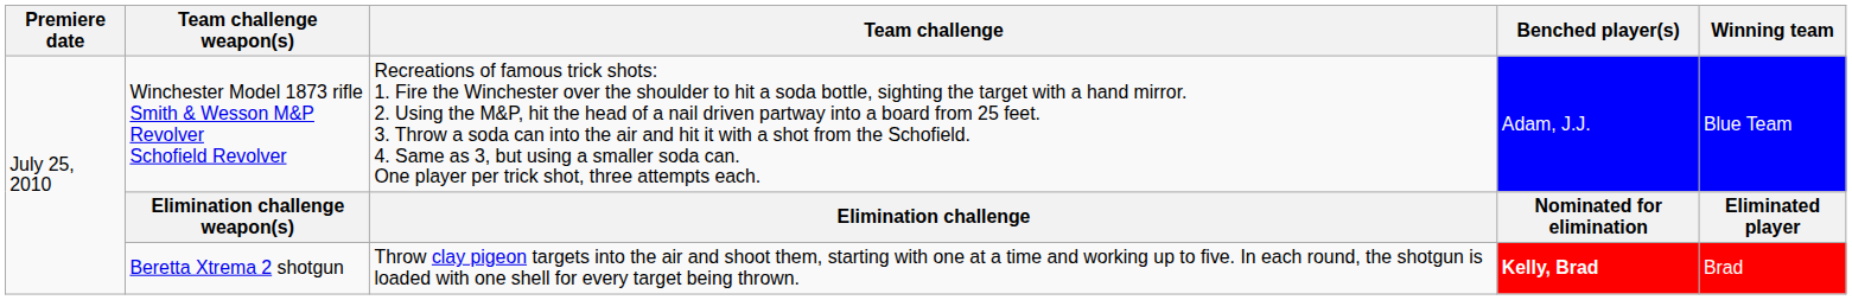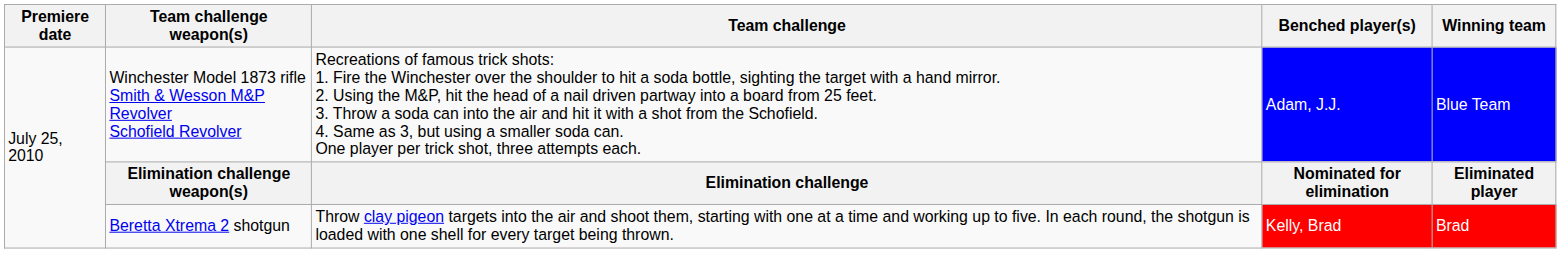 <table class="wikitable">
 <tr>
 <th>Premiere date</th>
 <th>Team challenge weapon(s)</th>
 <th>Team challenge</th>
 <th>Benched player(s)</th>
 <th>Winning team</th>
 </tr>
 <tr>
 <td rowspan="3">July 25, 2010</td>
 <td>Winchester Model 1873 rifle<br><a href='#'>Smith & Wesson M&P Revolver</a><br><a href='#'>Schofield Revolver</a></td>
 <td>Recreations of famous trick shots:<br>1. Fire the Winchester over the shoulder to hit a soda bottle, sighting the target with a hand mirror.<br>2. Using the M&P, hit the head of a nail driven partway into a board from 25 feet.<br>3. Throw a soda can into the air and hit it with a shot from the Schofield.<br>4. Same as 3, but using a smaller soda can.<br>One player per trick shot, three attempts each.</td>
 <td style="background:blue; color:white;">Adam, J.J.</td>
 <td style="background:blue; color:white;">Blue Team</td>
 </tr>
 <tr>
 <th>Elimination challenge weapon(s)</th>
 <th>Elimination challenge</th>
 <th>Nominated for elimination</th>
 <th>Eliminated player</th>
 </tr>
 <tr>
 <td><a href='#'>Beretta Xtrema 2</a> shotgun</td>
 <td>Throw <a href='#'>clay pigeon</a> targets into the air and shoot them, starting with one at a time and working up to five. In each round, the shotgun is loaded with one shell for every target being thrown.</td>
-<td style="background:red; color:white;"><strong>Kelly, Brad</strong></td>
+<td style="background:red; color:white;">Kelly, Brad</td>
 <td style="background:red; color:white;">Brad</td>
 </tr>
 </table>
